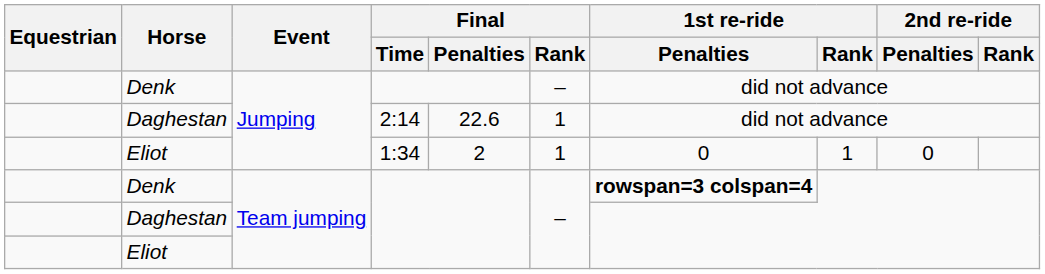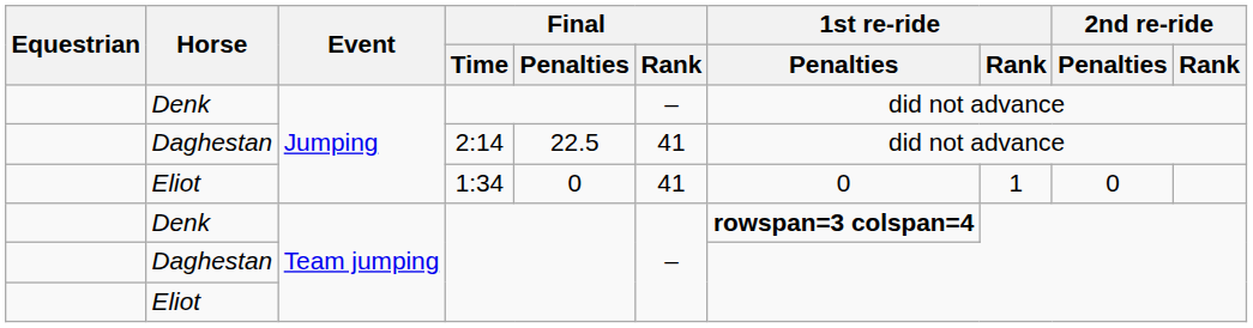 <table class="wikitable sortable" style="text-align:center">
 <tr>
 <th rowspan=2>Equestrian</th>
 <th rowspan=2>Horse</th>
 <th rowspan=2>Event</th>
 <th colspan=3>Final</th>
 <th colspan=2>1st re-ride</th>
 <th colspan=2>2nd re-ride</th>
 </tr>
 <tr>
 <th>Time</th>
 <th>Penalties</th>
 <th>Rank</th>
 <th>Penalties</th>
 <th>Rank</th>
 <th>Penalties</th>
 <th>Rank</th>
 </tr>
 <tr>
 <td align=left></td>
 <td align=left><em>Denk</em></td>
 <td align=left rowspan=3><a href='#'>Jumping</a></td>
 <td colspan=2></td>
 <td>–</td>
 <td colspan=4>did not advance</td>
 </tr>
 <tr>
 <td align=left></td>
 <td align=left><em>Daghestan</em></td>
 <td>2:14</td>
-<td>22.6</td>
-<td>1</td>
+<td>22.5</td>
+<td>41</td>
 <td colspan=4>did not advance</td>
 </tr>
 <tr>
 <td align=left><strong></strong></td>
 <td align=left><em>Eliot</em></td>
 <td>1:34</td>
-<td>2</td>
-<td>1</td>
+<td>0</td>
+<td>41</td>
 <td>0</td>
 <td>1</td>
 <td>0</td>
 <td></td>
 </tr>
 <tr>
 <td align=left></td>
 <td align=left><em>Denk</em></td>
 <td align=left rowspan=3><a href='#'>Team jumping</a></td>
 <td rowspan=3 colspan=2></td>
 <td rowspan=3>–</td>
 <td><strong>rowspan=3 colspan=4 </strong></td>
 </tr>
 <tr>
 <td align=left></td>
 <td align=left><em>Daghestan</em></td>
 </tr>
 <tr>
 <td align=left></td>
 <td align=left><em>Eliot</em></td>
 </tr>
 </table>
